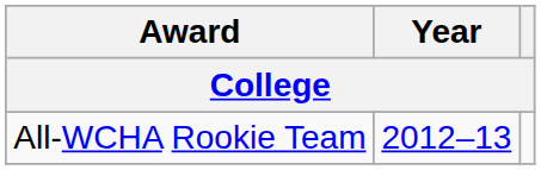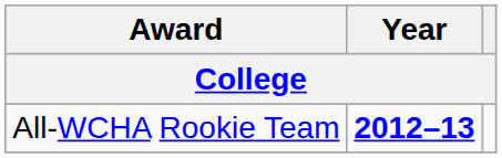 <table class="wikitable">
 <tr>
 <th>Award</th>
 <th>Year</th>
 <th></th>
 </tr>
 <tr>
 <th colspan="3"><a href='#'>College</a></th>
 </tr>
 <tr>
 <td>All-<a href='#'>WCHA</a> <a href='#'>Rookie Team</a></td>
-<td><a href='#'>2012–13</a></td>
+<td><strong><a href='#'>2012–13</a></strong></td>
 <td></td>
 </tr>
 </table>
